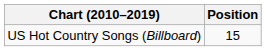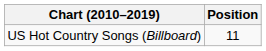 <table class="wikitable">
 <tr>
 <th>Chart (2010–2019)</th>
 <th>Position</th>
 </tr>
 <tr>
 <td>US Hot Country Songs (<em>Billboard</em>)</td>
-<td style="text-align:center;">15</td>
+<td style="text-align:center;">11</td>
 </tr>
 </table>
